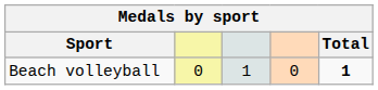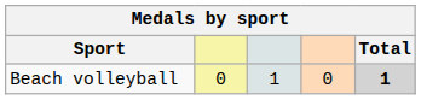 <table class="wikitable" style="font-size:90%; text-align:center;">
 <tr>
 <th colspan="5">Medals by sport</th>
 </tr>
 <tr>
 <th width="120">Sport</th>
 <th scope="col" width="30" style="background:#F7F6A8;"></th>
 <th scope="col" width="30" style="background:#DCE5E5;"></th>
 <th scope="col" width="30" style="background:#FFDAB9;"></th>
 <th width="30">Total</th>
 </tr>
 <tr>
 <td align="left">Beach volleyball</td>
 <td style="background:#F7F6A8;">0</td>
 <td style="background:#DCE5E5;">1</td>
 <td style="background:#FFDAB9;">0</td>
-<td><strong>1</strong></td>
+<td style="background: lightgrey;"><strong>1</strong></td>
 </tr>
 </table>
